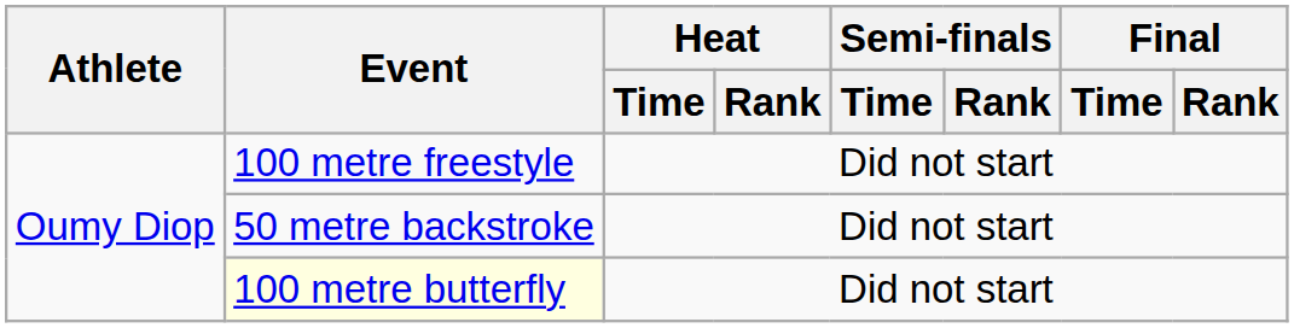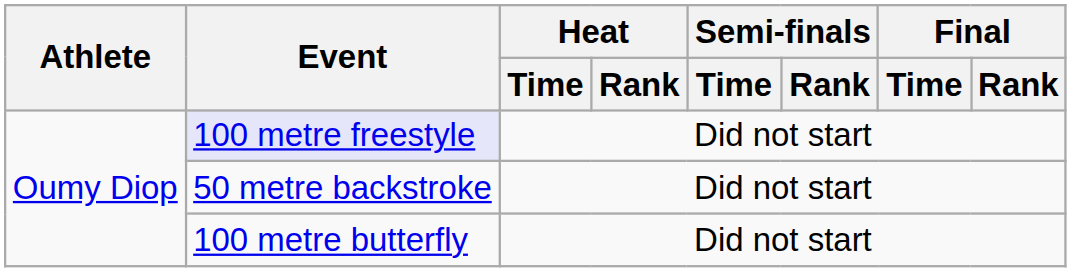 <table class="wikitable" style="font-size:90%; text-align:center">
 <tr>
 <th rowspan="2">Athlete</th>
 <th rowspan="2">Event</th>
 <th colspan="2">Heat</th>
 <th colspan="2">Semi-finals</th>
 <th colspan="2">Final</th>
 </tr>
 <tr>
 <th>Time</th>
 <th>Rank</th>
 <th>Time</th>
 <th>Rank</th>
 <th>Time</th>
 <th>Rank</th>
 </tr>
 <tr>
 <td align="left" rowspan="3"><a href='#'>Oumy Diop</a></td>
-<td align="left"><a href='#'>100 metre freestyle</a></td>
+<td align="left" style="background: lavender;"><a href='#'>100 metre freestyle</a></td>
 <td colspan="6">Did not start</td>
 </tr>
 <tr>
 <td align="left"><a href='#'>50 metre backstroke</a></td>
 <td colspan="6">Did not start</td>
 </tr>
 <tr>
-<td align="left" style="background: lightyellow;"><a href='#'>100 metre butterfly</a></td>
+<td align="left"><a href='#'>100 metre butterfly</a></td>
 <td colspan="6">Did not start</td>
 </tr>
 </table>
